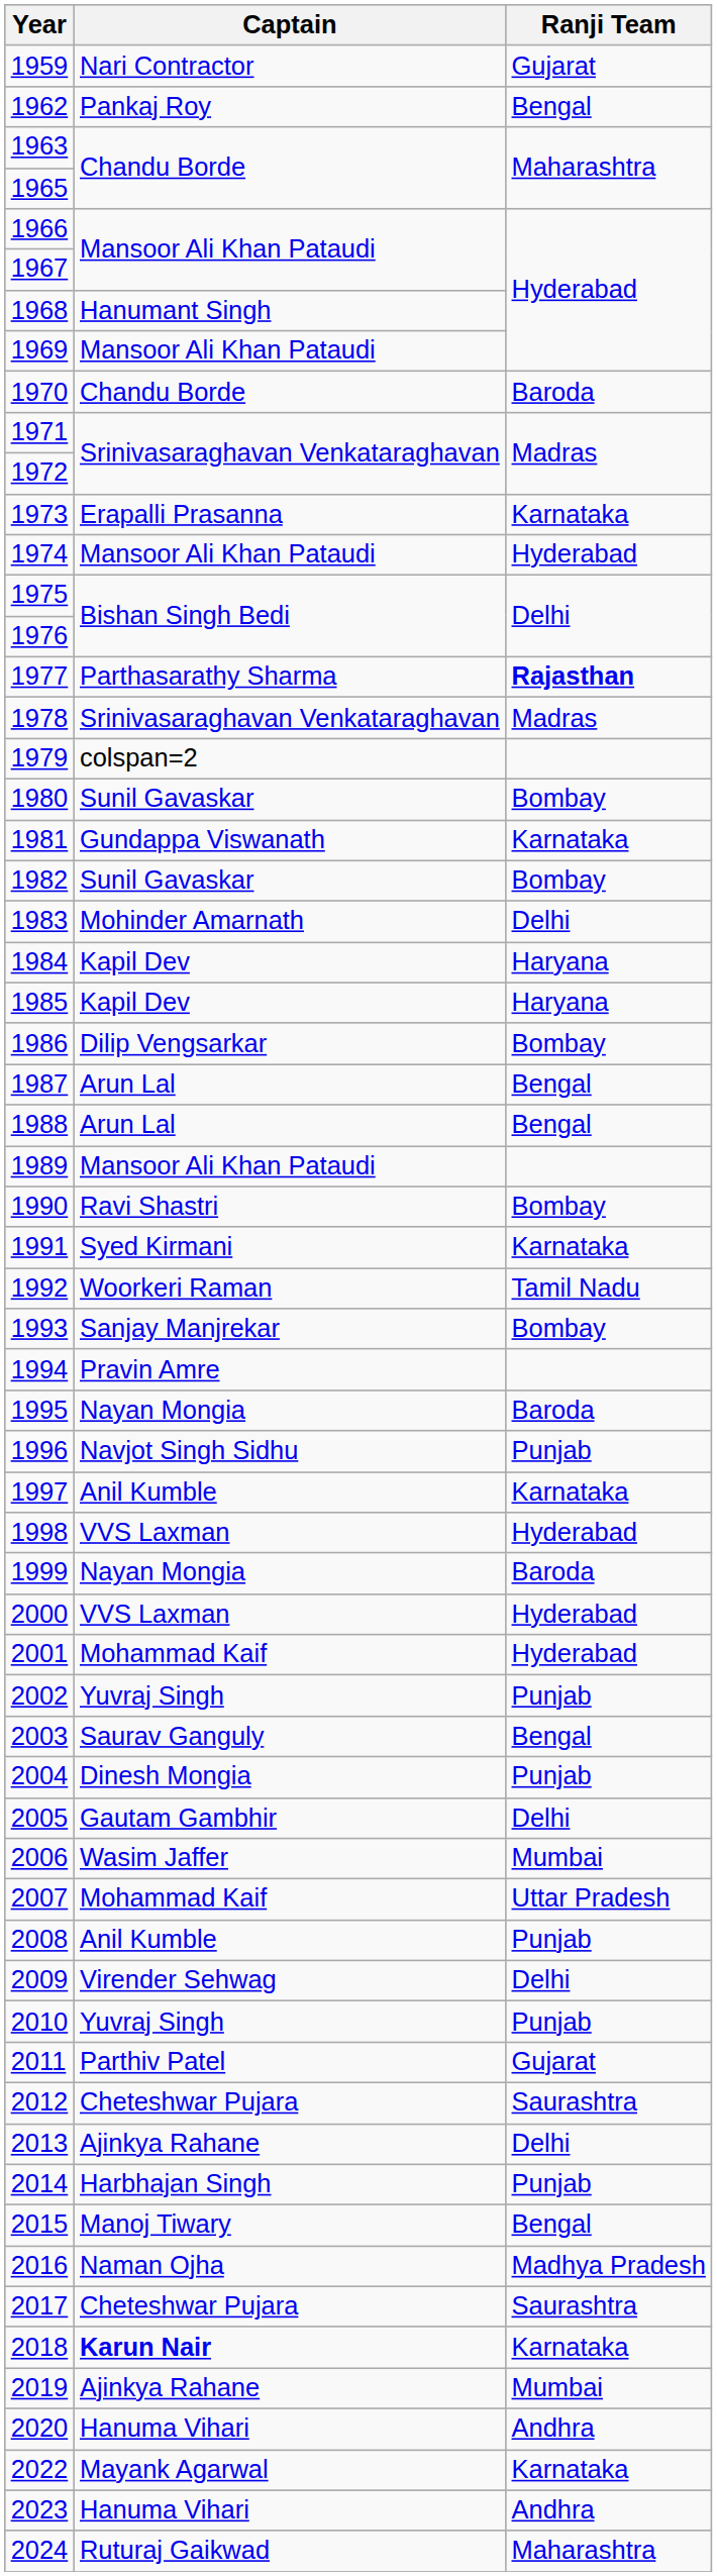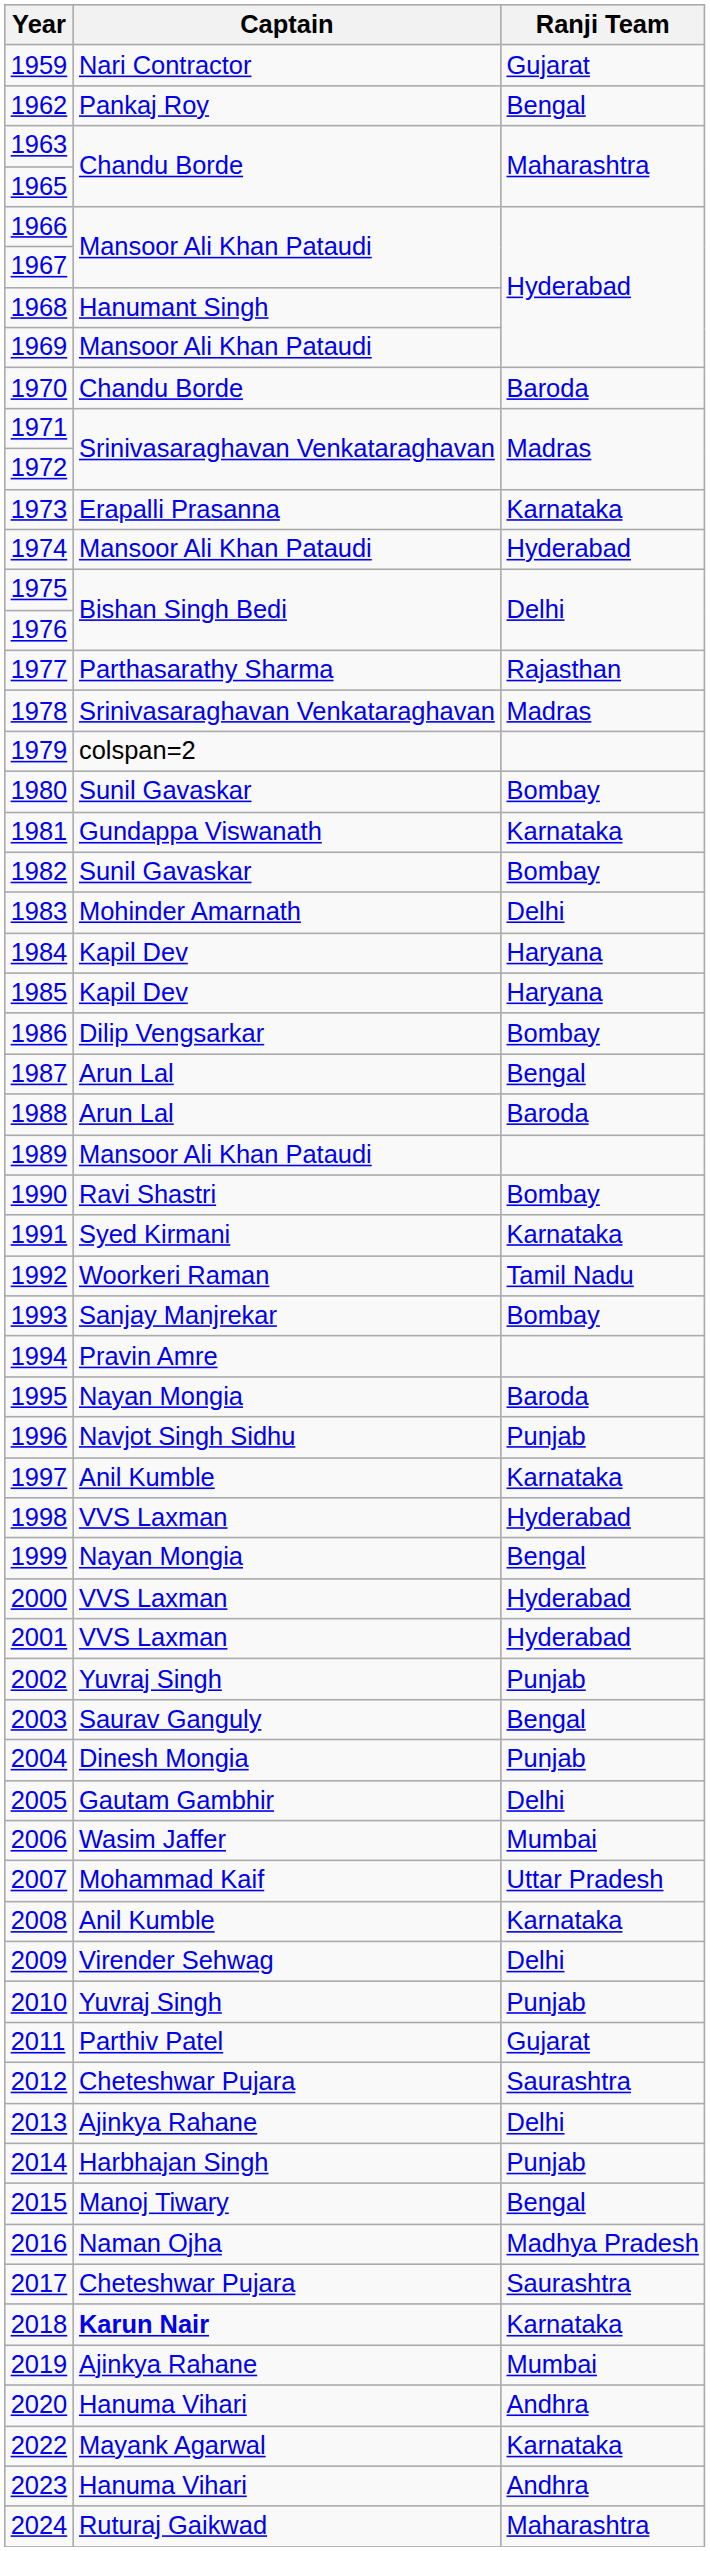 <table class="wikitable sortable">
 <tr>
 <th>Year</th>
 <th>Captain</th>
 <th>Ranji Team</th>
 </tr>
 <tr>
 <td><a href='#'>1959</a></td>
 <td><a href='#'>Nari Contractor</a></td>
 <td><a href='#'>Gujarat</a></td>
 </tr>
 <tr>
 <td><a href='#'>1962</a></td>
 <td><a href='#'>Pankaj Roy</a></td>
 <td><a href='#'>Bengal</a></td>
 </tr>
 <tr>
 <td><a href='#'>1963</a></td>
 <td rowspan=2><a href='#'>Chandu Borde</a></td>
 <td rowspan=2><a href='#'>Maharashtra</a></td>
 </tr>
 <tr>
 <td><a href='#'>1965</a></td>
 </tr>
 <tr>
 <td><a href='#'>1966</a></td>
 <td rowspan=2><a href='#'>Mansoor Ali Khan Pataudi</a></td>
 <td rowspan=4><a href='#'>Hyderabad</a></td>
 </tr>
 <tr>
 <td><a href='#'>1967</a></td>
 </tr>
 <tr>
 <td><a href='#'>1968</a></td>
 <td><a href='#'>Hanumant Singh</a></td>
 </tr>
 <tr>
 <td><a href='#'>1969</a></td>
 <td><a href='#'>Mansoor Ali Khan Pataudi</a></td>
 </tr>
 <tr>
 <td><a href='#'>1970</a></td>
 <td><a href='#'>Chandu Borde</a></td>
 <td><a href='#'>Baroda</a></td>
 </tr>
 <tr>
 <td><a href='#'>1971</a></td>
 <td rowspan=2><a href='#'>Srinivasaraghavan Venkataraghavan</a></td>
 <td rowspan=2><a href='#'>Madras</a></td>
 </tr>
 <tr>
 <td><a href='#'>1972</a></td>
 </tr>
 <tr>
 <td><a href='#'>1973</a></td>
 <td><a href='#'>Erapalli Prasanna</a></td>
 <td><a href='#'>Karnataka</a></td>
 </tr>
 <tr>
 <td><a href='#'>1974</a></td>
 <td><a href='#'>Mansoor Ali Khan Pataudi</a></td>
 <td><a href='#'>Hyderabad</a></td>
 </tr>
 <tr>
 <td><a href='#'>1975</a></td>
 <td rowspan=2><a href='#'>Bishan Singh Bedi</a></td>
 <td rowspan=2><a href='#'>Delhi</a></td>
 </tr>
 <tr>
 <td><a href='#'>1976</a></td>
 </tr>
 <tr>
 <td><a href='#'>1977</a></td>
 <td><a href='#'>Parthasarathy Sharma</a></td>
-<td><strong><a href='#'>Rajasthan</a></strong></td>
+<td><a href='#'>Rajasthan</a></td>
 </tr>
 <tr>
 <td><a href='#'>1978</a></td>
 <td><a href='#'>Srinivasaraghavan Venkataraghavan</a></td>
 <td><a href='#'>Madras</a></td>
 </tr>
 <tr>
 <td><a href='#'>1979</a></td>
 <td>colspan=2 </td>
 </tr>
 <tr>
 <td><a href='#'>1980</a></td>
 <td><a href='#'>Sunil Gavaskar</a></td>
 <td><a href='#'>Bombay</a></td>
 </tr>
 <tr>
 <td><a href='#'>1981</a></td>
 <td><a href='#'>Gundappa Viswanath</a></td>
 <td><a href='#'>Karnataka</a></td>
 </tr>
 <tr>
 <td><a href='#'>1982</a></td>
 <td><a href='#'>Sunil Gavaskar</a></td>
 <td><a href='#'>Bombay</a></td>
 </tr>
 <tr>
 <td><a href='#'>1983</a></td>
 <td><a href='#'>Mohinder Amarnath</a></td>
 <td><a href='#'>Delhi</a></td>
 </tr>
 <tr>
 <td><a href='#'>1984</a></td>
 <td><a href='#'>Kapil Dev</a></td>
 <td><a href='#'>Haryana</a></td>
 </tr>
 <tr>
 <td><a href='#'>1985</a></td>
 <td><a href='#'>Kapil Dev</a></td>
 <td><a href='#'>Haryana</a></td>
 </tr>
 <tr>
 <td><a href='#'>1986</a></td>
 <td><a href='#'>Dilip Vengsarkar</a></td>
 <td><a href='#'>Bombay</a></td>
 </tr>
 <tr>
 <td><a href='#'>1987</a></td>
 <td><a href='#'>Arun Lal</a></td>
 <td><a href='#'>Bengal</a></td>
 </tr>
 <tr>
 <td><a href='#'>1988</a></td>
 <td><a href='#'>Arun Lal</a></td>
-<td><a href='#'>Bengal</a></td>
+<td><a href='#'>Baroda</a></td>
 </tr>
 <tr>
 <td><a href='#'>1989</a></td>
 <td><a href='#'>Mansoor Ali Khan Pataudi</a></td>
 <td></td>
 </tr>
 <tr>
 <td><a href='#'>1990</a></td>
 <td><a href='#'>Ravi Shastri</a></td>
 <td><a href='#'>Bombay</a></td>
 </tr>
 <tr>
 <td><a href='#'>1991</a></td>
 <td><a href='#'>Syed Kirmani</a></td>
 <td><a href='#'>Karnataka</a></td>
 </tr>
 <tr>
 <td><a href='#'>1992</a></td>
 <td><a href='#'>Woorkeri Raman</a></td>
 <td><a href='#'>Tamil Nadu</a></td>
 </tr>
 <tr>
 <td><a href='#'>1993</a></td>
 <td><a href='#'>Sanjay Manjrekar</a></td>
 <td><a href='#'>Bombay</a></td>
 </tr>
 <tr>
 <td><a href='#'>1994</a></td>
 <td><a href='#'>Pravin Amre</a></td>
 <td></td>
 </tr>
 <tr>
 <td><a href='#'>1995</a></td>
 <td><a href='#'>Nayan Mongia</a></td>
 <td><a href='#'>Baroda</a></td>
 </tr>
 <tr>
 <td><a href='#'>1996</a></td>
 <td><a href='#'>Navjot Singh Sidhu</a></td>
 <td><a href='#'>Punjab</a></td>
 </tr>
 <tr>
 <td><a href='#'>1997</a></td>
 <td><a href='#'>Anil Kumble</a></td>
 <td><a href='#'>Karnataka</a></td>
 </tr>
 <tr>
 <td><a href='#'>1998</a></td>
 <td><a href='#'>VVS Laxman</a></td>
 <td><a href='#'>Hyderabad</a></td>
 </tr>
 <tr>
 <td><a href='#'>1999</a></td>
 <td><a href='#'>Nayan Mongia</a></td>
-<td><a href='#'>Baroda</a></td>
+<td><a href='#'>Bengal</a></td>
 </tr>
 <tr>
 <td><a href='#'>2000</a></td>
 <td><a href='#'>VVS Laxman</a></td>
 <td><a href='#'>Hyderabad</a></td>
 </tr>
 <tr>
 <td><a href='#'>2001</a></td>
-<td><a href='#'>Mohammad Kaif</a></td>
+<td><a href='#'>VVS Laxman</a></td>
 <td><a href='#'>Hyderabad</a></td>
 </tr>
 <tr>
 <td><a href='#'>2002</a></td>
 <td><a href='#'>Yuvraj Singh</a></td>
 <td><a href='#'>Punjab</a></td>
 </tr>
 <tr>
 <td><a href='#'>2003</a></td>
 <td><a href='#'>Saurav Ganguly</a></td>
 <td><a href='#'>Bengal</a></td>
 </tr>
 <tr>
 <td><a href='#'>2004</a></td>
 <td><a href='#'>Dinesh Mongia</a></td>
 <td><a href='#'>Punjab</a></td>
 </tr>
 <tr>
 <td><a href='#'>2005</a></td>
 <td><a href='#'>Gautam Gambhir</a></td>
 <td><a href='#'>Delhi</a></td>
 </tr>
 <tr>
 <td><a href='#'>2006</a></td>
 <td><a href='#'>Wasim Jaffer</a></td>
 <td><a href='#'>Mumbai</a></td>
 </tr>
 <tr>
 <td><a href='#'>2007</a></td>
 <td><a href='#'>Mohammad Kaif</a></td>
 <td><a href='#'>Uttar Pradesh</a></td>
 </tr>
 <tr>
 <td><a href='#'>2008</a></td>
 <td><a href='#'>Anil Kumble</a></td>
-<td><a href='#'>Punjab</a></td>
+<td><a href='#'>Karnataka</a></td>
 </tr>
 <tr>
 <td><a href='#'>2009</a></td>
 <td><a href='#'>Virender Sehwag</a></td>
 <td><a href='#'>Delhi</a></td>
 </tr>
 <tr>
 <td><a href='#'>2010</a></td>
 <td><a href='#'>Yuvraj Singh</a></td>
 <td><a href='#'>Punjab</a></td>
 </tr>
 <tr>
 <td><a href='#'>2011</a></td>
 <td><a href='#'>Parthiv Patel</a></td>
 <td><a href='#'>Gujarat</a></td>
 </tr>
 <tr>
 <td><a href='#'>2012</a></td>
 <td><a href='#'>Cheteshwar Pujara</a></td>
 <td><a href='#'>Saurashtra</a></td>
 </tr>
 <tr>
 <td><a href='#'>2013</a></td>
 <td><a href='#'>Ajinkya Rahane</a></td>
 <td><a href='#'>Delhi</a></td>
 </tr>
 <tr>
 <td><a href='#'>2014</a></td>
 <td><a href='#'>Harbhajan Singh</a></td>
 <td><a href='#'>Punjab</a></td>
 </tr>
 <tr>
 <td><a href='#'>2015</a></td>
 <td><a href='#'>Manoj Tiwary</a></td>
 <td><a href='#'>Bengal</a></td>
 </tr>
 <tr>
 <td><a href='#'>2016</a></td>
 <td><a href='#'>Naman Ojha</a></td>
 <td><a href='#'>Madhya Pradesh</a></td>
 </tr>
 <tr>
 <td><a href='#'>2017</a></td>
 <td><a href='#'>Cheteshwar Pujara</a></td>
 <td><a href='#'>Saurashtra</a></td>
 </tr>
 <tr>
 <td><a href='#'>2018</a></td>
 <td><strong><a href='#'>Karun Nair</a></strong></td>
 <td><a href='#'>Karnataka</a></td>
 </tr>
 <tr>
 <td><a href='#'>2019</a></td>
 <td><a href='#'>Ajinkya Rahane</a></td>
 <td><a href='#'>Mumbai</a></td>
 </tr>
 <tr>
 <td><a href='#'>2020</a></td>
 <td><a href='#'>Hanuma Vihari</a></td>
 <td><a href='#'>Andhra</a></td>
 </tr>
 <tr>
 <td><a href='#'>2022</a></td>
 <td><a href='#'>Mayank Agarwal</a></td>
 <td><a href='#'>Karnataka</a></td>
 </tr>
 <tr>
 <td><a href='#'>2023</a></td>
 <td><a href='#'>Hanuma Vihari</a></td>
 <td><a href='#'>Andhra</a></td>
 </tr>
 <tr>
 <td><a href='#'>2024</a></td>
 <td><a href='#'>Ruturaj Gaikwad</a></td>
 <td><a href='#'>Maharashtra</a></td>
 </tr>
 <tr>
 </tr>
 </table>
